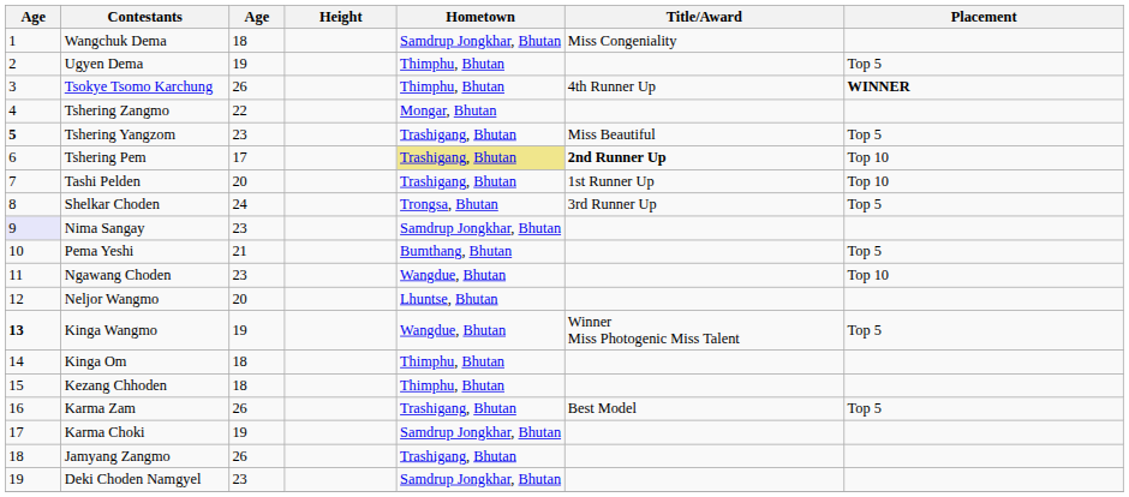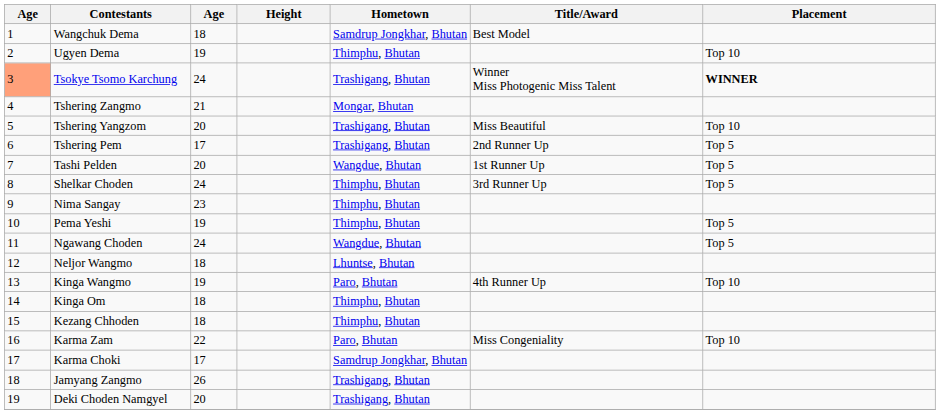 <table class="wikitable sortable">
 <tr>
 <th width="05%">Age</th>
 <th width="15%">Contestants</th>
 <th width="05%">Age</th>
 <th width="10%">Height</th>
 <th width="15%">Hometown</th>
 <th>Title/Award</th>
 <th width="25%">Placement</th>
 </tr>
 <tr>
 <td>1</td>
 <td>Wangchuk Dema</td>
 <td>18</td>
 <td></td>
 <td><a href='#'>Samdrup Jongkhar</a>, <a href='#'>Bhutan</a></td>
-<td>Miss Congeniality</td>
+<td>Best Model</td>
 <td></td>
 </tr>
 <tr>
 <td>2</td>
 <td>Ugyen Dema</td>
 <td>19</td>
 <td></td>
 <td><a href='#'>Thimphu</a>, <a href='#'>Bhutan</a></td>
 <td></td>
-<td>Top 5</td>
+<td>Top 10</td>
 </tr>
 <tr>
-<td>3</td>
+<td style="background: lightsalmon;">3</td>
 <td><a href='#'>Tsokye Tsomo Karchung</a></td>
-<td>26</td>
+<td>24</td>
 <td></td>
-<td><a href='#'>Thimphu</a>, <a href='#'>Bhutan</a></td>
-<td>4th Runner Up</td>
+<td><a href='#'>Trashigang</a>, <a href='#'>Bhutan</a></td>
+<td>Winner<br>Miss Photogenic  Miss Talent</td>
 <td><strong>WINNER</strong></td>
 </tr>
 <tr>
 <td>4</td>
 <td>Tshering Zangmo</td>
-<td>22</td>
+<td>21</td>
 <td></td>
 <td><a href='#'>Mongar</a>, <a href='#'>Bhutan</a></td>
 <td></td>
 <td></td>
 </tr>
 <tr>
-<td><strong>5</strong></td>
+<td>5</td>
 <td>Tshering Yangzom</td>
-<td>23</td>
+<td>20</td>
 <td></td>
 <td><a href='#'>Trashigang</a>, <a href='#'>Bhutan</a></td>
 <td>Miss Beautiful</td>
-<td>Top 5</td>
+<td>Top 10</td>
 </tr>
 <tr>
 <td>6</td>
 <td>Tshering Pem</td>
 <td>17</td>
 <td></td>
-<td style="background: khaki;"><a href='#'>Trashigang</a>, <a href='#'>Bhutan</a></td>
-<td><strong>2nd Runner Up</strong></td>
-<td>Top 10</td>
+<td><a href='#'>Trashigang</a>, <a href='#'>Bhutan</a></td>
+<td>2nd Runner Up</td>
+<td>Top 5</td>
 </tr>
 <tr>
 <td>7</td>
 <td>Tashi Pelden</td>
 <td>20</td>
 <td></td>
-<td><a href='#'>Trashigang</a>, <a href='#'>Bhutan</a></td>
+<td><a href='#'>Wangdue</a>, <a href='#'>Bhutan</a></td>
 <td>1st Runner Up</td>
-<td>Top 10</td>
+<td>Top 5</td>
 </tr>
 <tr>
 <td>8</td>
 <td>Shelkar Choden</td>
 <td>24</td>
 <td></td>
-<td><a href='#'>Trongsa</a>, <a href='#'>Bhutan</a></td>
+<td><a href='#'>Thimphu</a>, <a href='#'>Bhutan</a></td>
 <td>3rd Runner Up</td>
 <td>Top 5</td>
 </tr>
 <tr>
-<td style="background: lavender;">9</td>
+<td>9</td>
 <td>Nima Sangay</td>
 <td>23</td>
 <td></td>
-<td><a href='#'>Samdrup Jongkhar</a>, <a href='#'>Bhutan</a></td>
+<td><a href='#'>Thimphu</a>, <a href='#'>Bhutan</a></td>
 <td></td>
 <td></td>
 </tr>
 <tr>
 <td>10</td>
 <td>Pema Yeshi</td>
-<td>21</td>
+<td>19</td>
 <td></td>
-<td><a href='#'>Bumthang</a>, <a href='#'>Bhutan</a></td>
+<td><a href='#'>Thimphu</a>, <a href='#'>Bhutan</a></td>
 <td></td>
 <td>Top 5</td>
 </tr>
 <tr>
 <td>11</td>
 <td>Ngawang Choden</td>
-<td>23</td>
+<td>24</td>
 <td></td>
 <td><a href='#'>Wangdue</a>, <a href='#'>Bhutan</a></td>
 <td></td>
-<td>Top 10</td>
+<td>Top 5</td>
 </tr>
 <tr>
 <td>12</td>
 <td>Neljor Wangmo</td>
-<td>20</td>
+<td>18</td>
 <td></td>
 <td><a href='#'>Lhuntse</a>, <a href='#'>Bhutan</a></td>
 <td></td>
 <td></td>
 </tr>
 <tr>
-<td><strong>13</strong></td>
+<td>13</td>
 <td>Kinga Wangmo</td>
 <td>19</td>
 <td></td>
-<td><a href='#'>Wangdue</a>, <a href='#'>Bhutan</a></td>
-<td>Winner<br>Miss Photogenic  Miss Talent</td>
-<td>Top 5</td>
+<td><a href='#'>Paro</a>, <a href='#'>Bhutan</a></td>
+<td>4th Runner Up</td>
+<td>Top 10</td>
 </tr>
 <tr>
 <td>14</td>
 <td>Kinga Om</td>
 <td>18</td>
 <td></td>
 <td><a href='#'>Thimphu</a>, <a href='#'>Bhutan</a></td>
 <td></td>
 <td></td>
 </tr>
 <tr>
 <td>15</td>
 <td>Kezang Chhoden</td>
 <td>18</td>
 <td></td>
 <td><a href='#'>Thimphu</a>, <a href='#'>Bhutan</a></td>
 <td></td>
 <td></td>
 </tr>
 <tr>
 <td>16</td>
 <td>Karma Zam</td>
-<td>26</td>
+<td>22</td>
 <td></td>
-<td><a href='#'>Trashigang</a>, <a href='#'>Bhutan</a></td>
-<td>Best Model</td>
-<td>Top 5</td>
+<td><a href='#'>Paro</a>, <a href='#'>Bhutan</a></td>
+<td>Miss Congeniality</td>
+<td>Top 10</td>
 </tr>
 <tr>
 <td>17</td>
 <td>Karma Choki</td>
-<td>19</td>
+<td>17</td>
 <td></td>
 <td><a href='#'>Samdrup Jongkhar</a>, <a href='#'>Bhutan</a></td>
 <td></td>
 <td></td>
 </tr>
 <tr>
 <td>18</td>
 <td>Jamyang Zangmo</td>
 <td>26</td>
 <td></td>
 <td><a href='#'>Trashigang</a>, <a href='#'>Bhutan</a></td>
 <td></td>
 <td></td>
 </tr>
 <tr>
 <td>19</td>
 <td>Deki Choden Namgyel</td>
-<td>23</td>
+<td>20</td>
 <td></td>
-<td><a href='#'>Samdrup Jongkhar</a>, <a href='#'>Bhutan</a></td>
+<td><a href='#'>Trashigang</a>, <a href='#'>Bhutan</a></td>
 <td></td>
 <td></td>
 </tr>
 <tr>
 </tr>
 </table>
